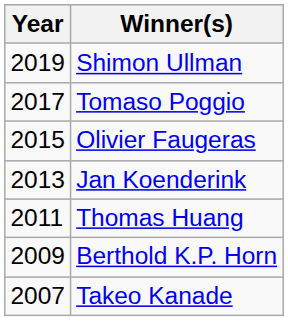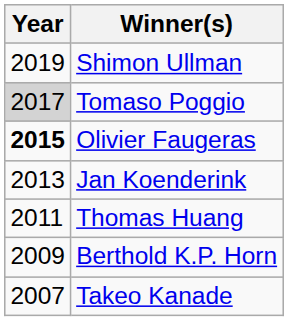 <table class="wikitable sortable">
 <tr>
 <th>Year</th>
 <th>Winner(s)</th>
 </tr>
 <tr>
 <td>2019</td>
 <td><a href='#'>Shimon Ullman</a></td>
 </tr>
 <tr>
-<td>2017</td>
+<td style="background: lightgrey;">2017</td>
 <td><a href='#'>Tomaso Poggio</a></td>
 </tr>
 <tr>
-<td>2015</td>
+<td><strong>2015</strong></td>
 <td><a href='#'>Olivier Faugeras</a></td>
 </tr>
 <tr>
 <td>2013</td>
 <td><a href='#'>Jan Koenderink</a></td>
 </tr>
 <tr>
 <td>2011</td>
 <td><a href='#'>Thomas Huang</a></td>
 </tr>
 <tr>
 <td>2009</td>
 <td><a href='#'>Berthold K.P. Horn</a></td>
 </tr>
 <tr>
 <td>2007</td>
 <td><a href='#'>Takeo Kanade</a></td>
 </tr>
 </table>
